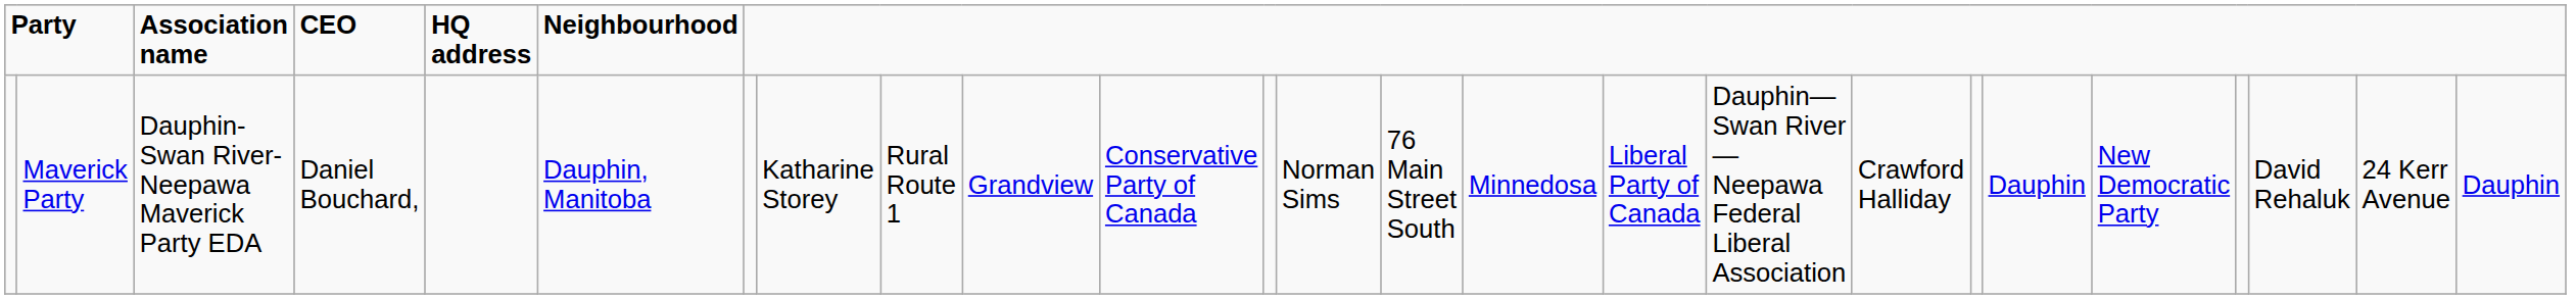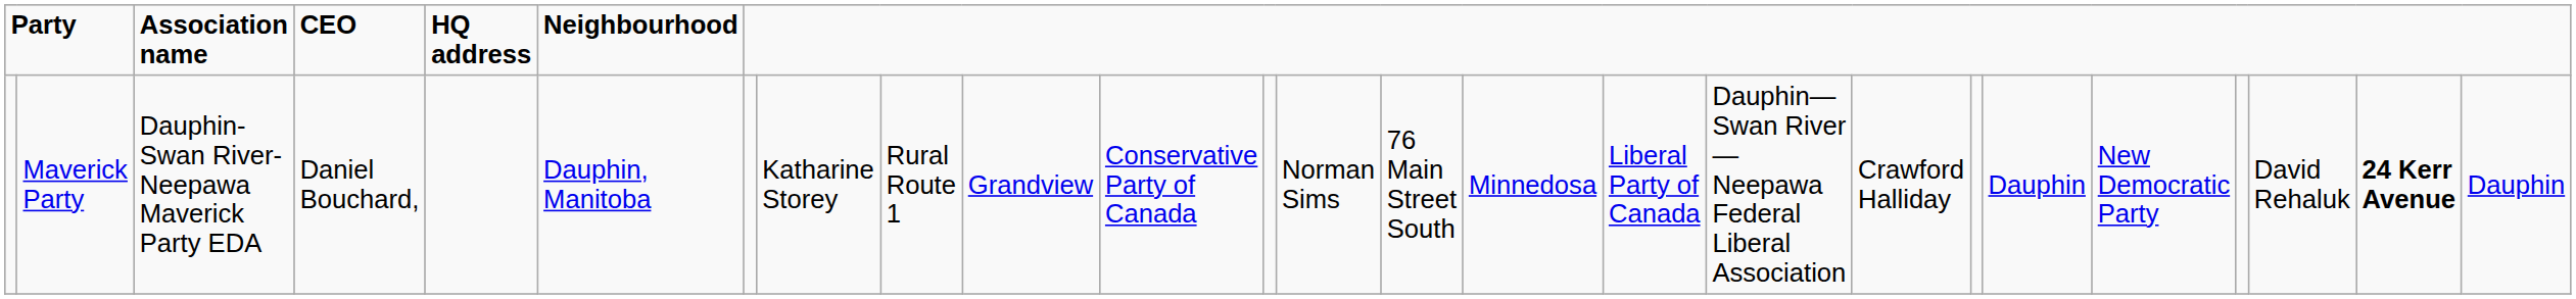 <table class="wikitable">
 <tr>
 <td colspan="2" rowspan="1" align="left" valign="top"><strong>Party</strong></td>
 <td valign="top"><strong>Association name</strong></td>
 <td valign="top"><strong>CEO</strong></td>
 <td valign="top"><strong>HQ address </strong></td>
 <td valign="top"><strong>Neighbourhood</strong></td>
 </tr>
 <tr>
 <td></td>
 <td><a href='#'>Maverick Party</a></td>
 <td>Dauphin-Swan River-Neepawa Maverick Party EDA</td>
 <td>Daniel Bouchard,</td>
 <td></td>
 <td><a href='#'>Dauphin, Manitoba</a><br></td>
 <td></td>
 <td>Katharine Storey</td>
 <td>Rural Route 1</td>
 <td><a href='#'>Grandview</a><br></td>
 <td><a href='#'>Conservative Party of Canada</a></td>
 <td></td>
 <td>Norman Sims</td>
 <td>76 Main Street South</td>
 <td><a href='#'>Minnedosa</a><br></td>
 <td><a href='#'>Liberal Party of Canada</a></td>
 <td>Dauphin—Swan River—Neepawa Federal Liberal Association</td>
 <td>Crawford Halliday</td>
 <td></td>
 <td><a href='#'>Dauphin</a><br></td>
 <td><a href='#'>New Democratic Party</a></td>
 <td></td>
 <td>David Rehaluk</td>
-<td>24 Kerr Avenue</td>
+<td><strong>24 Kerr Avenue</strong></td>
 <td><a href='#'>Dauphin</a></td>
 </tr>
 </table>
